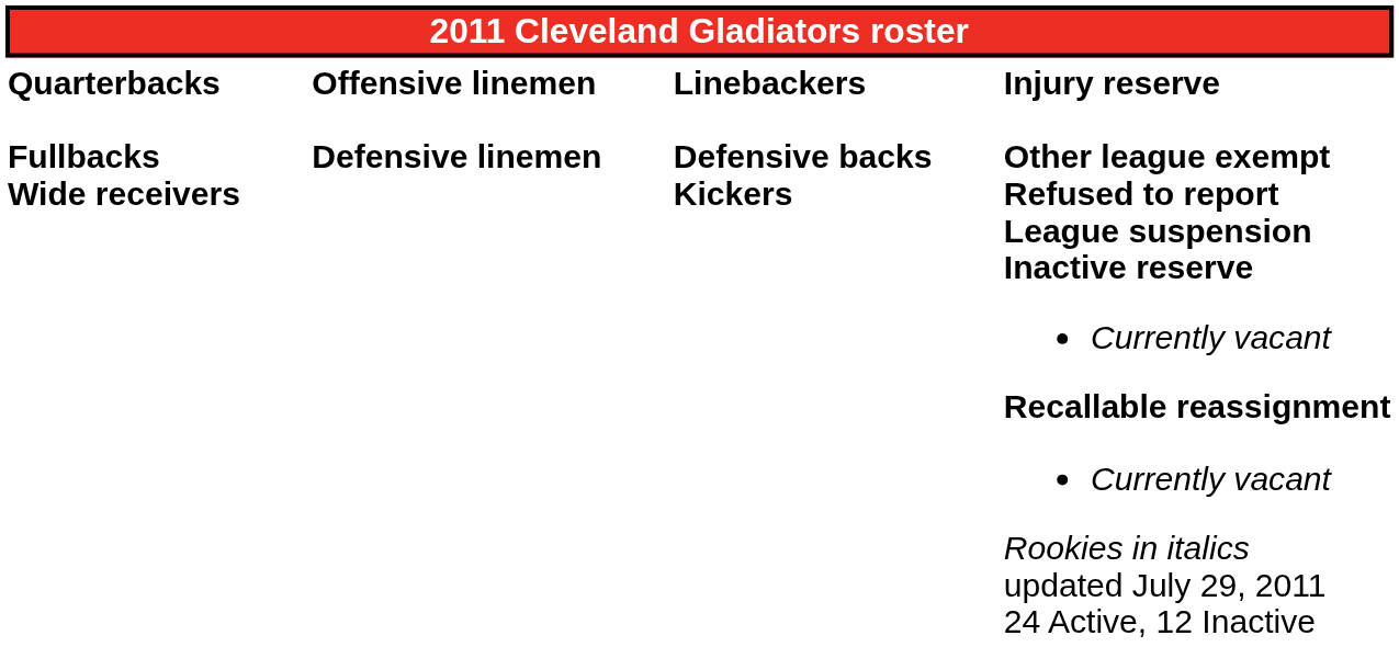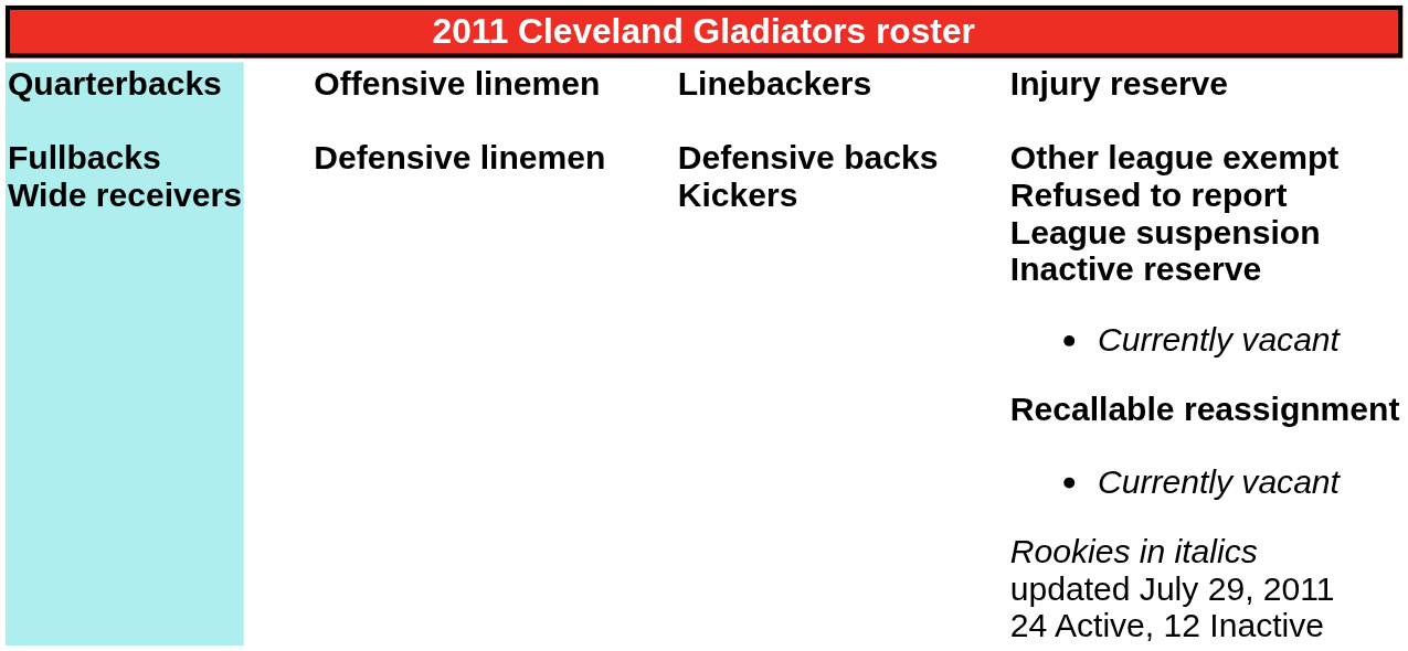 <table class="toccolours" style="text-align: left;">
 <tr>
 <th colspan=7 style="background:#EE2D24; border: 2px solid black; color:white; text-align:center;"><strong>2011 Cleveland Gladiators roster</strong></th>
 </tr>
 <tr>
-<td style="font-size: 95%;" valign="top"><strong>Quarterbacks</strong><br> <br><strong>Fullbacks</strong>  <br><strong>Wide receivers</strong>     </td>
+<td style="background: paleturquoise; font-size: 95%;" valign="top"><strong>Quarterbacks</strong><br> <br><strong>Fullbacks</strong>  <br><strong>Wide receivers</strong>     </td>
 <td style="width: 25px;"></td>
 <td style="font-size: 95%;" valign="top"><strong>Offensive linemen</strong><br>    <br><strong>Defensive linemen</strong>    </td>
 <td style="width: 25px;"></td>
 <td style="font-size: 95%;" valign="top"><strong>Linebackers</strong><br><br><strong>Defensive backs</strong>    <br><strong>Kickers</strong> </td>
 <td style="width: 25px;"></td>
 <td style="font-size: 95%;" valign="top"><strong>Injury reserve</strong><br>      <br><strong>Other league exempt</strong>  <br><strong>Refused to report</strong>  <br><strong>League suspension</strong> <br><strong>Inactive reserve</strong><ul><li><em>Currently vacant</em></li></ul><strong>Recallable reassignment</strong><ul><li><em>Currently vacant</em></li></ul> <em>Rookies in italics</em><br> <span> </span> updated July 29, 2011<br> 24 Active, 12 Inactive </td>
 </tr>
 <tr>
 </tr>
 </table>
